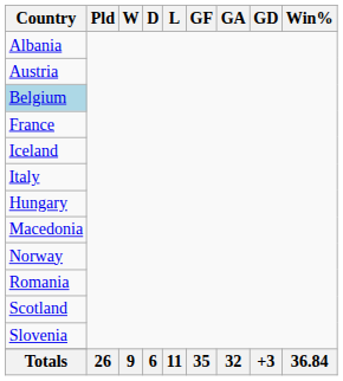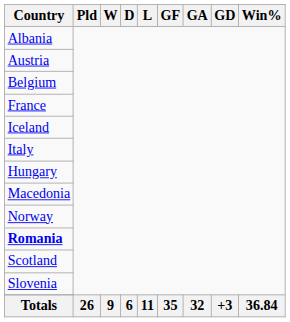 <table class="wikitable" style="text-align:center">
 <tr>
 <th>Country</th>
 <th>Pld</th>
 <th>W</th>
 <th>D</th>
 <th>L</th>
 <th>GF</th>
 <th>GA</th>
 <th>GD</th>
 <th>Win%</th>
 </tr>
 <tr>
 <td align=left> <a href='#'>Albania</a><br></td>
 </tr>
 <tr>
 <td align=left> <a href='#'>Austria</a><br></td>
 </tr>
 <tr>
-<td align=left style="background: lightblue;"> <a href='#'>Belgium</a><br></td>
+<td align=left> <a href='#'>Belgium</a><br></td>
 </tr>
 <tr>
 <td align=left> <a href='#'>France</a><br></td>
 </tr>
 <tr>
 <td align=left> <a href='#'>Iceland</a><br></td>
 </tr>
 <tr>
 <td align=left> <a href='#'>Italy</a><br></td>
 </tr>
 <tr>
 <td align=left> <a href='#'>Hungary</a><br></td>
 </tr>
 <tr>
 <td align=left> <a href='#'>Macedonia</a><br></td>
 </tr>
 <tr>
 <td align=left> <a href='#'>Norway</a><br></td>
 </tr>
 <tr>
-<td align=left> <a href='#'>Romania</a><br></td>
+<td align=left><strong> <a href='#'>Romania</a><br></strong></td>
 </tr>
 <tr>
 <td align=left> <a href='#'>Scotland</a><br></td>
 </tr>
 <tr>
 <td align=left> <a href='#'>Slovenia</a><br></td>
 </tr>
 <tr>
 </tr>
 <tr class="sortbottom">
 <th>Totals</th>
 <th><strong>26</strong></th>
 <th><strong>9</strong></th>
 <th><strong>6</strong></th>
 <th><strong>11</strong></th>
 <th><strong>35</strong></th>
 <th><strong>32</strong></th>
 <th><strong>+3</strong></th>
 <th><strong>36.84</strong></th>
 </tr>
 </table>
